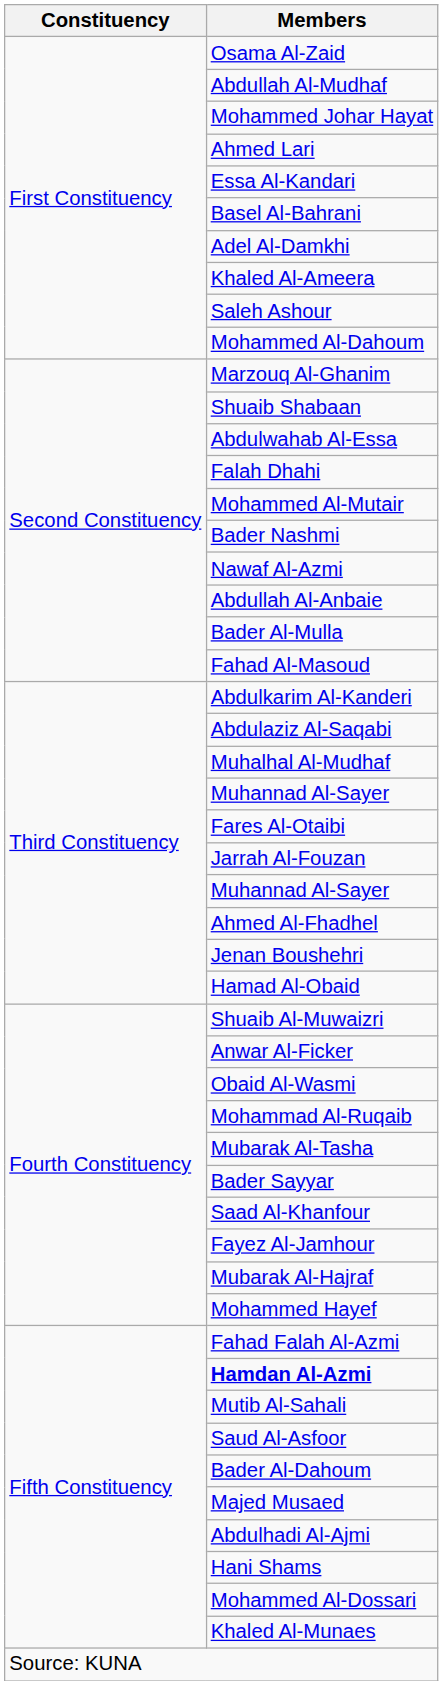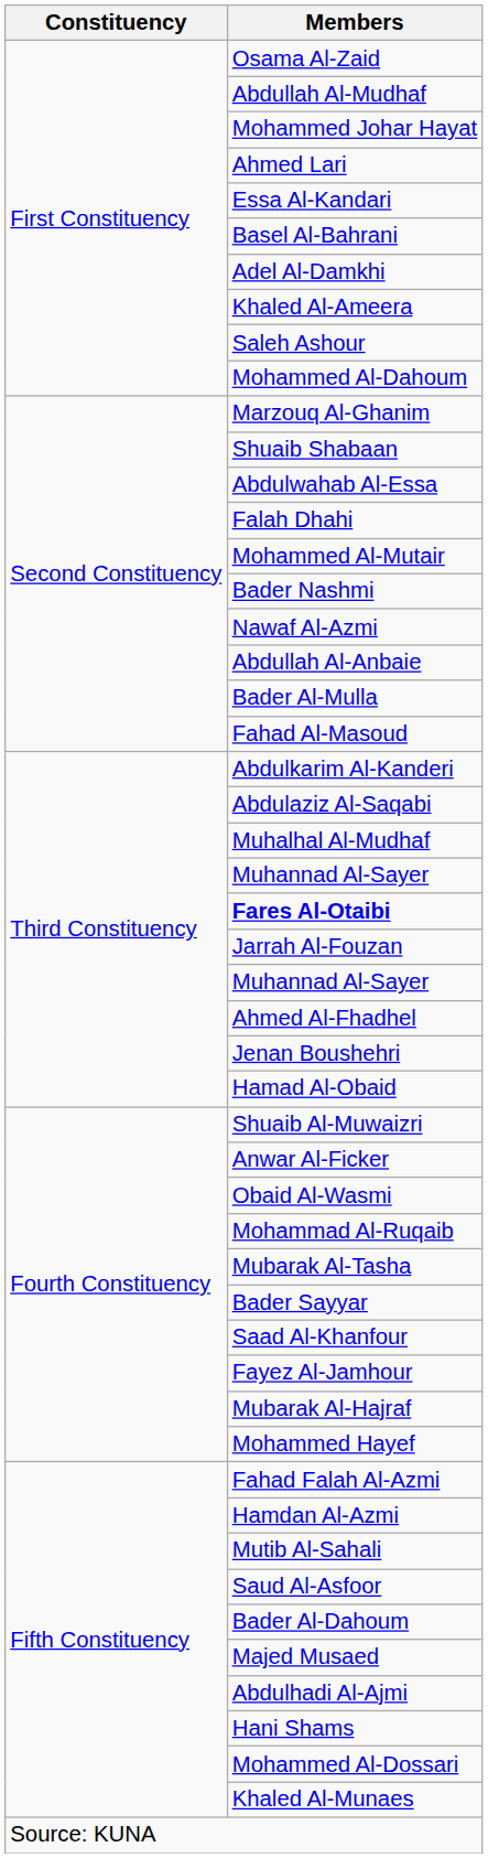 <table class=wikitable style=text-align:right>
 <tr>
 <th>Constituency</th>
 <th>Members</th>
 </tr>
 <tr>
 <td rowspan="10" align="left"><a href='#'>First Constituency</a></td>
 <td align="left"><a href='#'>Osama Al-Zaid</a></td>
 </tr>
 <tr>
 <td align="left"><a href='#'>Abdullah Al-Mudhaf</a></td>
 </tr>
 <tr>
 <td align="left"><a href='#'>Mohammed Johar Hayat</a></td>
 </tr>
 <tr>
 <td align="left"><a href='#'>Ahmed Lari</a></td>
 </tr>
 <tr>
 <td align="left"><a href='#'>Essa Al-Kandari</a></td>
 </tr>
 <tr>
 <td align="left"><a href='#'>Basel Al-Bahrani</a></td>
 </tr>
 <tr>
 <td align="left"><a href='#'>Adel Al-Damkhi</a></td>
 </tr>
 <tr>
 <td align="left"><a href='#'>Khaled Al-Ameera</a></td>
 </tr>
 <tr>
 <td align="left"><a href='#'>Saleh Ashour</a></td>
 </tr>
 <tr>
 <td align="left"><a href='#'>Mohammed Al-Dahoum</a></td>
 </tr>
 <tr>
 <td rowspan="10" align="left"><a href='#'>Second Constituency</a></td>
 <td align="left"><a href='#'>Marzouq Al-Ghanim</a></td>
 </tr>
 <tr>
 <td align="left"><a href='#'>Shuaib Shabaan</a></td>
 </tr>
 <tr>
 <td align="left"><a href='#'>Abdulwahab Al-Essa</a></td>
 </tr>
 <tr>
 <td align="left"><a href='#'>Falah Dhahi</a></td>
 </tr>
 <tr>
 <td align="left"><a href='#'>Mohammed Al-Mutair</a></td>
 </tr>
 <tr>
 <td align="left"><a href='#'>Bader Nashmi</a></td>
 </tr>
 <tr>
 <td align="left"><a href='#'>Nawaf Al-Azmi</a></td>
 </tr>
 <tr>
 <td align="left"><a href='#'>Abdullah Al-Anbaie</a></td>
 </tr>
 <tr>
 <td align="left"><a href='#'>Bader Al-Mulla</a></td>
 </tr>
 <tr>
 <td align="left"><a href='#'>Fahad Al-Masoud</a></td>
 </tr>
 <tr>
 <td rowspan="10" align="left"><a href='#'>Third Constituency</a></td>
 <td align="left"><a href='#'>Abdulkarim Al-Kanderi</a></td>
 </tr>
 <tr>
 <td align="left"><a href='#'>Abdulaziz Al-Saqabi</a></td>
 </tr>
 <tr>
 <td align="left"><a href='#'>Muhalhal Al-Mudhaf</a></td>
 </tr>
 <tr>
 <td align="left"><a href='#'>Muhannad Al-Sayer</a></td>
 </tr>
 <tr>
-<td align="left"><a href='#'>Fares Al-Otaibi</a></td>
+<td align="left"><strong><a href='#'>Fares Al-Otaibi</a></strong></td>
 </tr>
 <tr>
 <td align="left"><a href='#'>Jarrah Al-Fouzan</a></td>
 </tr>
 <tr>
 <td align="left"><a href='#'>Muhannad Al-Sayer</a></td>
 </tr>
 <tr>
 <td align="left"><a href='#'>Ahmed Al-Fhadhel</a></td>
 </tr>
 <tr>
 <td align="left"><a href='#'>Jenan Boushehri</a></td>
 </tr>
 <tr>
 <td align="left"><a href='#'>Hamad Al-Obaid</a></td>
 </tr>
 <tr>
 <td rowspan="10" align="left"><a href='#'>Fourth Constituency</a></td>
 <td align="left"><a href='#'>Shuaib Al-Muwaizri</a></td>
 </tr>
 <tr>
 <td align="left"><a href='#'>Anwar Al-Ficker</a></td>
 </tr>
 <tr>
 <td align="left"><a href='#'>Obaid Al-Wasmi</a></td>
 </tr>
 <tr>
 <td align="left"><a href='#'>Mohammad Al-Ruqaib</a></td>
 </tr>
 <tr>
 <td align="left"><a href='#'>Mubarak Al-Tasha</a></td>
 </tr>
 <tr>
 <td align="left"><a href='#'>Bader Sayyar</a></td>
 </tr>
 <tr>
 <td align="left"><a href='#'>Saad Al-Khanfour</a></td>
 </tr>
 <tr>
 <td align="left"><a href='#'>Fayez Al-Jamhour</a></td>
 </tr>
 <tr>
 <td align="left"><a href='#'>Mubarak Al-Hajraf</a></td>
 </tr>
 <tr>
 <td align="left"><a href='#'>Mohammed Hayef</a></td>
 </tr>
 <tr>
 <td rowspan="10" align="left"><a href='#'>Fifth Constituency</a></td>
 <td align="left"><a href='#'>Fahad Falah Al-Azmi</a></td>
 </tr>
 <tr>
-<td align="left"><strong><a href='#'>Hamdan Al-Azmi</a></strong></td>
+<td align="left"><a href='#'>Hamdan Al-Azmi</a></td>
 </tr>
 <tr>
 <td align="left"><a href='#'>Mutib Al-Sahali</a></td>
 </tr>
 <tr>
 <td align="left"><a href='#'>Saud Al-Asfoor</a></td>
 </tr>
 <tr>
 <td align="left"><a href='#'>Bader Al-Dahoum</a></td>
 </tr>
 <tr>
 <td align="left"><a href='#'>Majed Musaed</a></td>
 </tr>
 <tr>
 <td align="left"><a href='#'>Abdulhadi Al-Ajmi</a></td>
 </tr>
 <tr>
 <td align="left"><a href='#'>Hani Shams</a></td>
 </tr>
 <tr>
 <td align="left"><a href='#'>Mohammed Al-Dossari</a></td>
 </tr>
 <tr>
 <td align="left"><a href='#'>Khaled Al-Munaes</a></td>
 </tr>
 <tr>
 <td colspan="3" align="left">Source: KUNA</td>
 </tr>
 </table>
